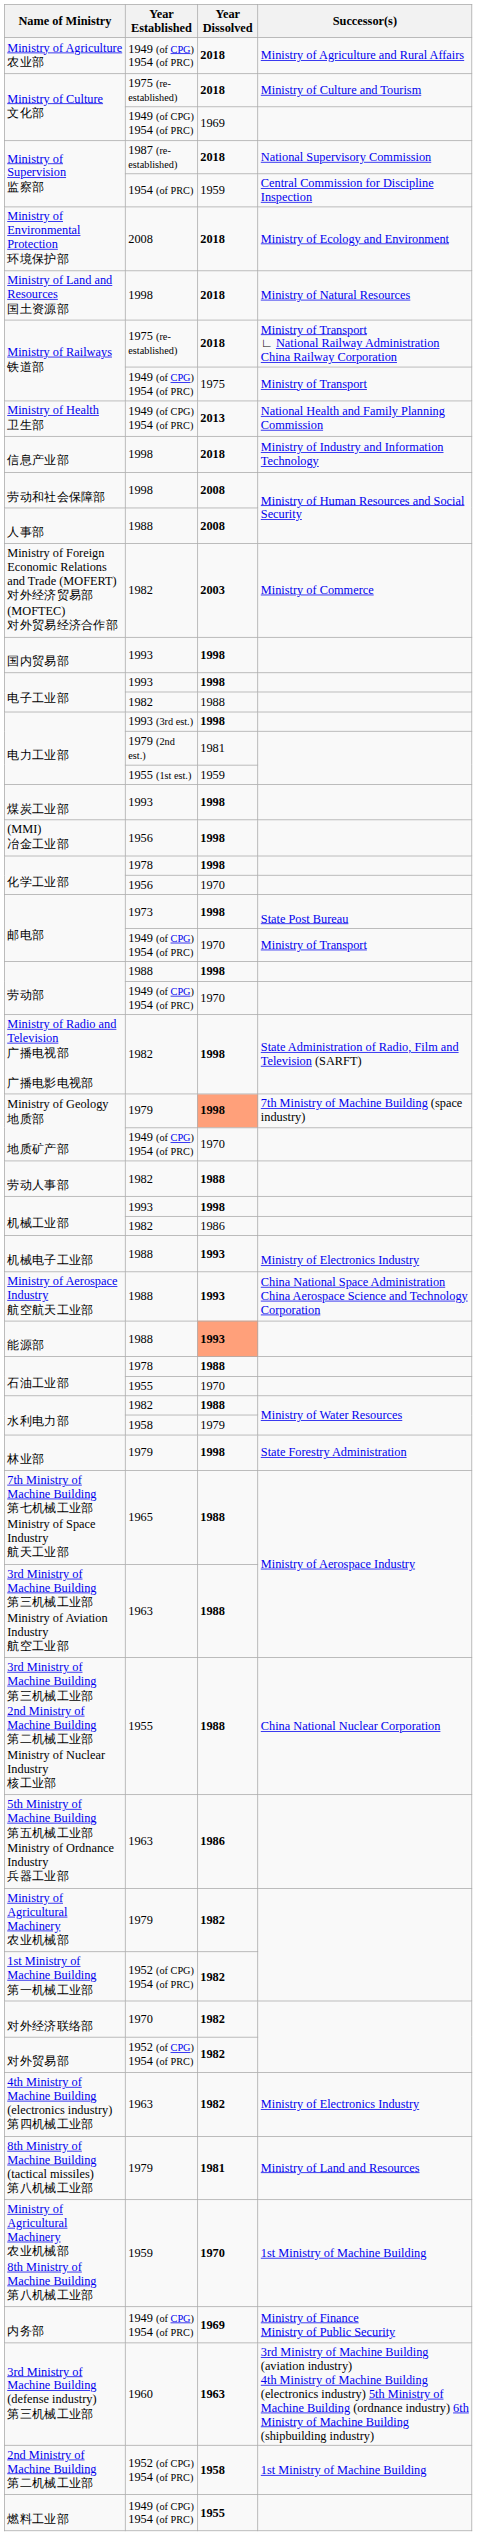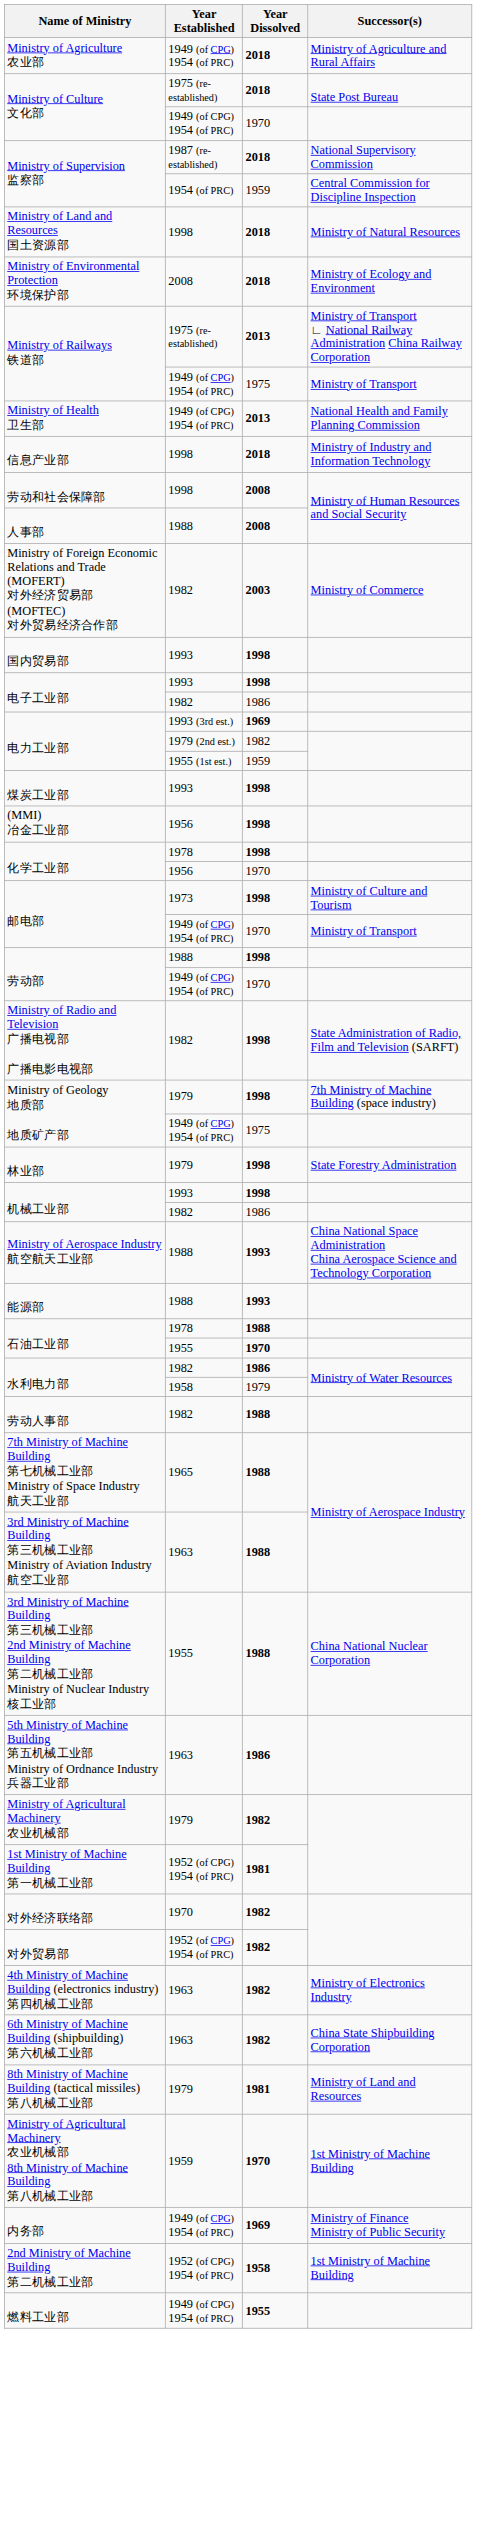 <table class="wikitable sortable">
 <tr>
 <th>Name of Ministry</th>
 <th>Year Established</th>
 <th>Year Dissolved</th>
 <th>Successor(s)</th>
 </tr>
 <tr>
 <td><a href='#'>Ministry of Agriculture</a><br>农业部</td>
 <td>1949 <small>(of <a href='#'>CPG</a>)</small><br>1954 <small>(of PRC)</small></td>
 <td><strong>2018</strong></td>
 <td><a href='#'>Ministry of Agriculture and Rural Affairs</a></td>
 </tr>
 <tr>
 <td rowspan="2"><a href='#'>Ministry of Culture</a><br>文化部</td>
 <td>1975 <small>(re-established)</small></td>
 <td><strong>2018</strong></td>
-<td><a href='#'>Ministry of Culture and Tourism</a></td>
+<td><br><a href='#'>State Post Bureau</a></td>
 </tr>
 <tr>
 <td>1949 <small>(of CPG)</small><br>1954 <small>(of PRC)</small></td>
-<td>1969</td>
+<td>1970</td>
 <td></td>
 </tr>
 <tr>
 <td rowspan="2"><a href='#'>Ministry of Supervision</a><br>监察部</td>
 <td>1987 <small>(re-established)</small></td>
 <td><strong>2018</strong></td>
 <td><a href='#'>National Supervisory Commission</a></td>
 </tr>
 <tr>
 <td>1954 <small>(of PRC)</small></td>
 <td>1959</td>
 <td><a href='#'>Central Commission for Discipline Inspection</a></td>
 </tr>
 <tr>
+<td><a href='#'>Ministry of Land and Resources</a><br>国土资源部</td>
+<td>1998</td>
+<td><strong>2018</strong></td>
+<td><a href='#'>Ministry of Natural Resources</a></td>
+</tr>
+<tr>
 <td><a href='#'>Ministry of Environmental Protection</a><br>环境保护部</td>
 <td>2008</td>
 <td><strong>2018</strong></td>
 <td><a href='#'>Ministry of Ecology and Environment</a></td>
 </tr>
 <tr>
-<td><a href='#'>Ministry of Land and Resources</a><br>国土资源部</td>
-<td>1998</td>
-<td><strong>2018</strong></td>
-<td><a href='#'>Ministry of Natural Resources</a></td>
-</tr>
-<tr>
 <td rowspan="2"><a href='#'>Ministry of Railways</a><br>铁道部</td>
 <td>1975 <small>(re-established)</small></td>
-<td><strong>2018</strong></td>
+<td><strong>2013</strong></td>
 <td><a href='#'>Ministry of Transport</a><br>∟ <a href='#'>National Railway Administration</a> <a href='#'>China Railway Corporation</a></td>
 </tr>
 <tr>
 <td>1949 <small>(of <a href='#'>CPG</a>)</small><br>1954 <small>(of PRC)</small></td>
 <td>1975</td>
 <td><a href='#'>Ministry of Transport</a></td>
 </tr>
 <tr>
 <td><a href='#'>Ministry of Health</a><br>卫生部</td>
 <td>1949 <small>(of CPG)</small><br>1954 <small>(of PRC)</small></td>
 <td><strong>2013</strong></td>
 <td><a href='#'>National Health and Family Planning Commission</a></td>
 </tr>
 <tr>
 <td><br>信息产业部</td>
 <td>1998</td>
 <td><strong>2018</strong></td>
 <td><a href='#'>Ministry of Industry and Information Technology</a></td>
 </tr>
 <tr>
 <td><br>劳动和社会保障部</td>
 <td>1998</td>
 <td><strong>2008</strong></td>
 <td rowspan="2"><a href='#'>Ministry of Human Resources and Social Security</a></td>
 </tr>
 <tr>
 <td><br>人事部</td>
 <td>1988</td>
 <td><strong>2008</strong></td>
 </tr>
 <tr>
 <td>Ministry of Foreign Economic Relations and Trade (MOFERT)<br>对外经济贸易部<br> (MOFTEC)<br>对外贸易经济合作部</td>
 <td>1982</td>
 <td><strong>2003</strong></td>
 <td><a href='#'>Ministry of Commerce</a></td>
 </tr>
 <tr>
 <td><br>国内贸易部</td>
 <td>1993</td>
 <td><strong>1998</strong></td>
 <td></td>
 </tr>
 <tr>
 <td rowspan="2"><br>电子工业部</td>
 <td>1993</td>
 <td><strong>1998</strong></td>
 <td></td>
 </tr>
 <tr>
 <td>1982</td>
-<td>1988</td>
+<td>1986</td>
 <td></td>
 </tr>
 <tr>
 <td rowspan="3"><br>电力工业部</td>
 <td>1993 <small>(3rd est.)</small></td>
-<td><strong>1998</strong></td>
+<td><strong>1969</strong></td>
 <td></td>
 </tr>
 <tr>
 <td>1979 <small>(2nd est.)</small></td>
-<td>1981</td>
+<td>1982</td>
 <td rowspan="2"></td>
 </tr>
 <tr>
 <td>1955 <small>(1st est.)</small></td>
 <td>1959</td>
 </tr>
 <tr>
 <td><br>煤炭工业部</td>
 <td>1993</td>
 <td><strong>1998</strong></td>
 <td></td>
 </tr>
 <tr>
 <td> (MMI)<br>冶金工业部</td>
 <td>1956</td>
 <td><strong>1998</strong></td>
 <td></td>
 </tr>
 <tr>
 <td rowspan="2"><br>化学工业部</td>
 <td>1978</td>
 <td><strong>1998</strong></td>
 <td></td>
 </tr>
 <tr>
 <td>1956</td>
 <td>1970</td>
 <td></td>
 </tr>
 <tr>
 <td rowspan="2"><br>邮电部</td>
 <td>1973</td>
 <td><strong>1998</strong></td>
-<td><br><a href='#'>State Post Bureau</a></td>
+<td><a href='#'>Ministry of Culture and Tourism</a></td>
 </tr>
 <tr>
 <td>1949 <small>(of <a href='#'>CPG</a>)</small><br>1954 <small>(of PRC)</small></td>
 <td>1970</td>
 <td><a href='#'>Ministry of Transport</a></td>
 </tr>
 <tr>
 <td rowspan="2"><br>劳动部</td>
 <td>1988</td>
 <td><strong>1998</strong></td>
 <td></td>
 </tr>
 <tr>
 <td>1949 <small>(of <a href='#'>CPG</a>)</small><br>1954 <small>(of PRC)</small></td>
 <td>1970</td>
 <td></td>
 </tr>
 <tr>
 <td><a href='#'>Ministry of Radio and Television</a><br>广播电视部<br><br>广播电影电视部</td>
 <td>1982</td>
 <td><strong>1998</strong></td>
 <td><a href='#'>State Administration of Radio, Film and Television</a> (SARFT)</td>
 </tr>
 <tr>
 <td rowspan="2">Ministry of Geology<br>地质部<br><br>地质矿产部</td>
 <td>1979</td>
-<td style="background: lightsalmon;"><strong>1998</strong></td>
+<td><strong>1998</strong></td>
 <td><a href='#'>7th Ministry of Machine Building</a> (space industry)</td>
 </tr>
 <tr>
 <td>1949 <small>(of <a href='#'>CPG</a>)</small><br>1954 <small>(of PRC)</small></td>
-<td>1970</td>
+<td>1975</td>
 <td></td>
 </tr>
 <tr>
-<td><br>劳动人事部</td>
-<td>1982</td>
-<td><strong>1988</strong></td>
-<td><br></td>
+<td><br>林业部</td>
+<td>1979</td>
+<td><strong>1998</strong></td>
+<td><a href='#'>State Forestry Administration</a></td>
 </tr>
 <tr>
 <td rowspan="2"><br>机械工业部</td>
 <td>1993</td>
 <td><strong>1998</strong></td>
 <td></td>
 </tr>
 <tr>
 <td>1982</td>
 <td>1986</td>
 <td></td>
 </tr>
 <tr>
-<td><br>机械电子工业部</td>
-<td>1988</td>
-<td><strong>1993</strong></td>
-<td><br><a href='#'>Ministry of Electronics Industry</a></td>
-</tr>
-<tr>
 <td><a href='#'>Ministry of Aerospace Industry</a><br>航空航天工业部</td>
 <td>1988</td>
 <td><strong>1993</strong></td>
 <td><a href='#'>China National Space Administration</a><br><a href='#'>China Aerospace Science and Technology Corporation</a></td>
 </tr>
 <tr>
 <td><br>能源部</td>
 <td>1988</td>
-<td style="background: lightsalmon;"><strong>1993</strong></td>
+<td><strong>1993</strong></td>
 <td><br></td>
 </tr>
 <tr>
 <td rowspan="2"><br>石油工业部</td>
 <td>1978</td>
 <td><strong>1988</strong></td>
 <td></td>
 </tr>
 <tr>
 <td>1955</td>
-<td>1970</td>
+<td><strong>1970</strong></td>
 <td></td>
 </tr>
 <tr>
 <td rowspan="2"><br>水利电力部</td>
 <td>1982</td>
-<td><strong>1988</strong></td>
+<td><strong>1986</strong></td>
 <td rowspan="2"><a href='#'>Ministry of Water Resources</a><br></td>
 </tr>
 <tr>
 <td>1958</td>
 <td>1979</td>
 </tr>
 <tr>
-<td><br>林业部</td>
-<td>1979</td>
-<td><strong>1998</strong></td>
-<td><a href='#'>State Forestry Administration</a></td>
+<td><br>劳动人事部</td>
+<td>1982</td>
+<td><strong>1988</strong></td>
+<td><br></td>
 </tr>
 <tr>
 <td><a href='#'>7th Ministry of Machine Building</a><br>第七机械工业部<br>Ministry of Space Industry<br>航天工业部</td>
 <td>1965</td>
 <td><strong>1988</strong></td>
 <td rowspan="2"><a href='#'>Ministry of Aerospace Industry</a></td>
 </tr>
 <tr>
 <td><a href='#'>3rd Ministry of Machine Building</a><br>第三机械工业部<br>Ministry of Aviation Industry<br>航空工业部</td>
 <td>1963</td>
 <td><strong>1988</strong></td>
 </tr>
 <tr>
 <td><a href='#'>3rd Ministry of Machine Building</a><br>第三机械工业部<br><a href='#'>2nd Ministry of Machine Building</a><br>第二机械工业部<br>Ministry of Nuclear Industry<br>核工业部</td>
 <td>1955</td>
 <td><strong>1988</strong></td>
 <td><a href='#'>China National Nuclear Corporation</a></td>
 </tr>
 <tr>
 <td><a href='#'>5th Ministry of Machine Building</a><br>第五机械工业部<br>Ministry of Ordnance Industry<br>兵器工业部</td>
 <td>1963</td>
 <td><strong>1986</strong></td>
 <td></td>
 </tr>
 <tr>
 <td><a href='#'>Ministry of Agricultural Machinery</a><br>农业机械部</td>
 <td>1979</td>
 <td><strong>1982</strong></td>
 <td rowspan="2"></td>
 </tr>
 <tr>
 <td><a href='#'>1st Ministry of Machine Building</a><br>第一机械工业部</td>
 <td>1952 <small>(of CPG)</small><br>1954 <small>(of PRC)</small></td>
-<td><strong>1982</strong></td>
+<td><strong>1981</strong></td>
 </tr>
 <tr>
 <td><br>对外经济联络部</td>
 <td>1970</td>
 <td><strong>1982</strong></td>
 <td rowspan="2"></td>
 </tr>
 <tr>
 <td><br>对外贸易部</td>
 <td>1952 <small>(of <a href='#'>CPG</a>)</small><br>1954 <small>(of PRC)</small></td>
 <td><strong>1982</strong></td>
 </tr>
 <tr>
 <td><a href='#'>4th Ministry of Machine Building</a> (electronics industry)<br>第四机械工业部</td>
 <td>1963</td>
 <td><strong>1982</strong></td>
 <td><a href='#'>Ministry of Electronics Industry</a></td>
+</tr>
+<tr>
+<td><a href='#'>6th Ministry of Machine Building</a> (shipbuilding)<br>第六机械工业部</td>
+<td>1963</td>
+<td><strong>1982</strong></td>
+<td><a href='#'>China State Shipbuilding Corporation</a></td>
 </tr>
 <tr>
 <td><a href='#'>8th Ministry of Machine Building</a> (tactical missiles)<br>第八机械工业部</td>
 <td>1979</td>
 <td><strong>1981</strong></td>
 <td><a href='#'>Ministry of Land and Resources</a></td>
 </tr>
 <tr>
 <td><a href='#'>Ministry of Agricultural Machinery</a><br>农业机械部<br><a href='#'>8th Ministry of Machine Building</a><br>第八机械工业部</td>
 <td>1959</td>
 <td><strong>1970</strong></td>
 <td><a href='#'>1st Ministry of Machine Building</a></td>
 </tr>
 <tr>
 <td><br>内务部</td>
 <td>1949 <small>(of <a href='#'>CPG</a>)</small><br>1954 <small>(of PRC)</small></td>
 <td><strong>1969</strong></td>
 <td><a href='#'>Ministry of Finance</a><br><a href='#'>Ministry of Public Security</a></td>
 </tr>
 <tr>
-<td><a href='#'>3rd Ministry of Machine Building</a> (defense industry)<br>第三机械工业部</td>
-<td>1960</td>
-<td><strong>1963</strong></td>
-<td><a href='#'>3rd Ministry of Machine Building</a> (aviation industry)<br><a href='#'>4th Ministry of Machine Building</a> (electronics industry) <a href='#'>5th Ministry of Machine Building</a> (ordnance industry) <a href='#'>6th Ministry of Machine Building</a> (shipbuilding industry)</td>
-</tr>
-<tr>
 <td><a href='#'>2nd Ministry of Machine Building</a><br>第二机械工业部</td>
 <td>1952 <small>(of CPG)</small><br>1954 <small>(of PRC)</small></td>
 <td><strong>1958</strong></td>
 <td><a href='#'>1st Ministry of Machine Building</a></td>
 </tr>
 <tr>
 <td><br>燃料工业部</td>
 <td>1949 <small>(of CPG)</small><br>1954 <small>(of PRC)</small></td>
 <td><strong>1955</strong></td>
 <td><br> </td>
 </tr>
 </table>
